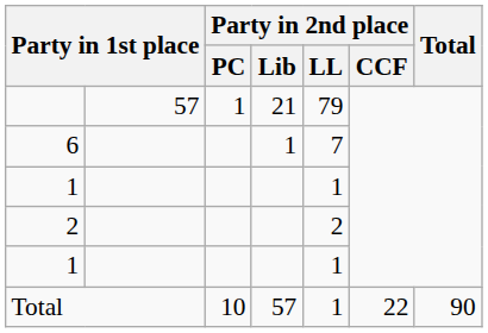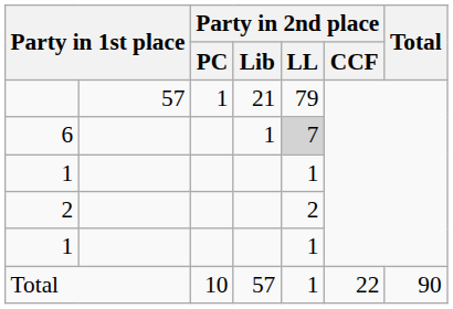 <table class="wikitable" style="text-align:right;">
 <tr>
 <th rowspan="2" colspan="2" style="text-align:left;">Party in 1st place</th>
 <th colspan="4">Party in 2nd place</th>
 <th rowspan="2">Total</th>
 </tr>
 <tr>
 <th>PC</th>
 <th>Lib</th>
 <th>LL</th>
 <th>CCF</th>
 </tr>
 <tr>
 <td></td>
 <td>57</td>
 <td>1</td>
 <td>21</td>
 <td>79</td>
 </tr>
 <tr>
 <td>6</td>
 <td></td>
 <td></td>
 <td>1</td>
-<td>7</td>
+<td style="background: lightgrey;">7</td>
 </tr>
 <tr>
 <td>1</td>
 <td></td>
 <td></td>
 <td></td>
 <td>1</td>
 </tr>
 <tr>
 <td>2</td>
 <td></td>
 <td></td>
 <td></td>
 <td>2</td>
 </tr>
 <tr>
 <td>1</td>
 <td></td>
 <td></td>
 <td></td>
 <td>1</td>
 </tr>
 <tr>
 <td colspan="2" style="text-align:left;">Total</td>
 <td>10</td>
 <td>57</td>
 <td>1</td>
 <td>22</td>
 <td>90</td>
 </tr>
 </table>
